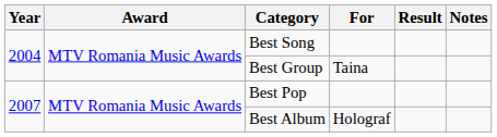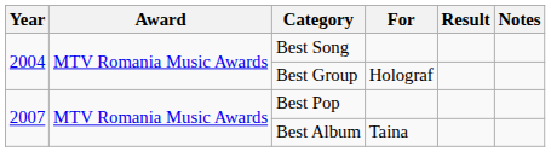 <table class="wikitable" border="1">
 <tr>
 <th>Year</th>
 <th>Award</th>
 <th>Category</th>
 <th>For</th>
 <th>Result</th>
 <th>Notes</th>
 </tr>
 <tr>
 <td rowspan="2"><a href='#'>2004</a></td>
 <td rowspan="2"><a href='#'>MTV Romania Music Awards</a></td>
 <td>Best Song</td>
 <td></td>
 <td></td>
 <td></td>
 </tr>
 <tr>
 <td>Best Group</td>
-<td>Taina</td>
+<td>Holograf</td>
 <td></td>
 <td></td>
 </tr>
 <tr>
 <td rowspan="2"><a href='#'>2007</a></td>
 <td rowspan="2"><a href='#'>MTV Romania Music Awards</a></td>
 <td>Best Pop</td>
 <td></td>
 <td></td>
 <td></td>
 </tr>
 <tr>
 <td>Best Album</td>
-<td>Holograf</td>
+<td>Taina</td>
 <td></td>
 <td></td>
 </tr>
 </table>
